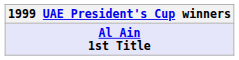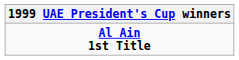 <table class="wikitable" style="text-align: center; margin: 0 auto;">
 <tr>
 <th>1999 <a href='#'>UAE President's Cup</a> winners</th>
 </tr>
 <tr>
-<td style="background: lavender;"><strong><a href='#'>Al Ain</a></strong><br><strong>1st Title</strong></td>
+<td><strong><a href='#'>Al Ain</a></strong><br><strong>1st Title</strong></td>
 </tr>
 </table>
